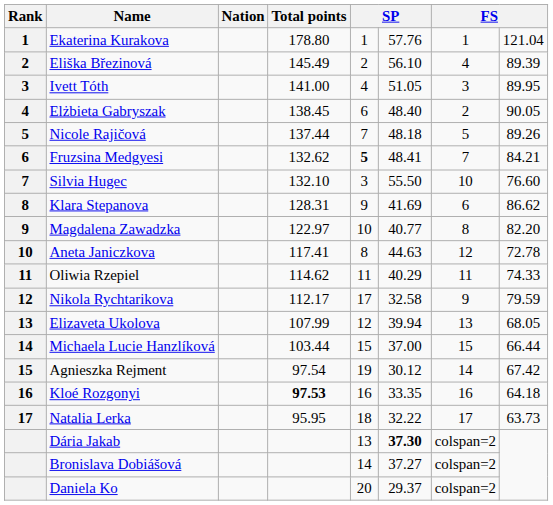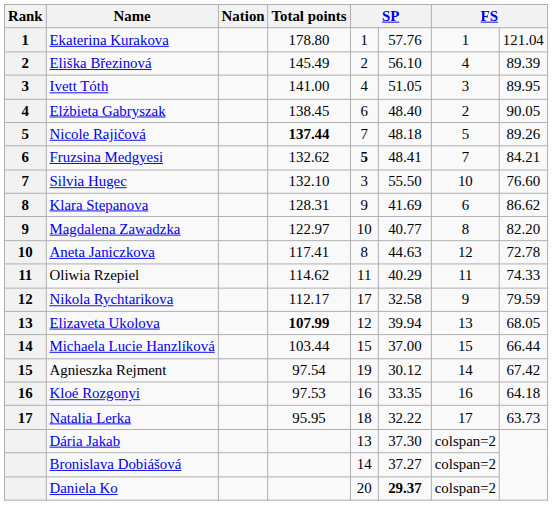 <table class="wikitable sortable">
 <tr>
 <th>Rank</th>
 <th>Name</th>
 <th>Nation</th>
 <th>Total points</th>
 <th colspan=2 width=80px><a href='#'>SP</a></th>
 <th colspan=2 width=80px><a href='#'>FS</a></th>
 </tr>
 <tr>
 <th>1</th>
 <td><a href='#'>Ekaterina Kurakova</a></td>
 <td></td>
 <td align=center>178.80</td>
 <td align=center>1</td>
 <td align=center>57.76</td>
 <td align=center>1</td>
 <td align=center>121.04</td>
 </tr>
 <tr>
 <th>2</th>
 <td><a href='#'>Eliška Březinová</a></td>
 <td></td>
 <td align=center>145.49</td>
 <td align=center>2</td>
 <td align=center>56.10</td>
 <td align=center>4</td>
 <td align=center>89.39</td>
 </tr>
 <tr>
 <th>3</th>
 <td><a href='#'>Ivett Tóth</a></td>
 <td></td>
 <td align=center>141.00</td>
 <td align=center>4</td>
 <td align=center>51.05</td>
 <td align=center>3</td>
 <td align=center>89.95</td>
 </tr>
 <tr>
 <th>4</th>
 <td><a href='#'>Elżbieta Gabryszak</a></td>
 <td></td>
 <td align=center>138.45</td>
 <td align=center>6</td>
 <td align=center>48.40</td>
 <td align=center>2</td>
 <td align=center>90.05</td>
 </tr>
 <tr>
 <th>5</th>
 <td><a href='#'>Nicole Rajičová</a></td>
 <td></td>
-<td align=center>137.44</td>
+<td align=center><strong>137.44</strong></td>
 <td align=center>7</td>
 <td align=center>48.18</td>
 <td align=center>5</td>
 <td align=center>89.26</td>
 </tr>
 <tr>
 <th>6</th>
 <td><a href='#'>Fruzsina Medgyesi</a></td>
 <td></td>
 <td align=center>132.62</td>
 <td align=center><strong>5</strong></td>
 <td align=center>48.41</td>
 <td align=center>7</td>
 <td align=center>84.21</td>
 </tr>
 <tr>
 <th>7</th>
 <td><a href='#'>Silvia Hugec</a></td>
 <td></td>
 <td align=center>132.10</td>
 <td align=center>3</td>
 <td align=center>55.50</td>
 <td align=center>10</td>
 <td align=center>76.60</td>
 </tr>
 <tr>
 <th>8</th>
 <td><a href='#'>Klara Stepanova</a></td>
 <td></td>
 <td align=center>128.31</td>
 <td align=center>9</td>
 <td align=center>41.69</td>
 <td align=center>6</td>
 <td align=center>86.62</td>
 </tr>
 <tr>
 <th>9</th>
 <td><a href='#'>Magdalena Zawadzka</a></td>
 <td></td>
 <td align=center>122.97</td>
 <td align=center>10</td>
 <td align=center>40.77</td>
 <td align=center>8</td>
 <td align=center>82.20</td>
 </tr>
 <tr>
 <th>10</th>
 <td><a href='#'>Aneta Janiczkova</a></td>
 <td></td>
 <td align=center>117.41</td>
 <td align=center>8</td>
 <td align=center>44.63</td>
 <td align=center>12</td>
 <td align=center>72.78</td>
 </tr>
 <tr>
 <th>11</th>
 <td>Oliwia Rzepiel</td>
 <td></td>
 <td align=center>114.62</td>
 <td align=center>11</td>
 <td align=center>40.29</td>
 <td align=center>11</td>
 <td align=center>74.33</td>
 </tr>
 <tr>
 <th>12</th>
 <td><a href='#'>Nikola Rychtarikova</a></td>
 <td></td>
 <td align=center>112.17</td>
 <td align=center>17</td>
 <td align=center>32.58</td>
 <td align=center>9</td>
 <td align=center>79.59</td>
 </tr>
 <tr>
 <th>13</th>
 <td><a href='#'>Elizaveta Ukolova</a></td>
 <td></td>
-<td align=center>107.99</td>
+<td align=center><strong>107.99</strong></td>
 <td align=center>12</td>
 <td align=center>39.94</td>
 <td align=center>13</td>
 <td align=center>68.05</td>
 </tr>
 <tr>
 <th>14</th>
 <td><a href='#'>Michaela Lucie Hanzlíková</a></td>
 <td></td>
 <td align=center>103.44</td>
 <td align=center>15</td>
 <td align=center>37.00</td>
 <td align=center>15</td>
 <td align=center>66.44</td>
 </tr>
 <tr>
 <th>15</th>
 <td>Agnieszka Rejment</td>
 <td></td>
 <td align=center>97.54</td>
 <td align=center>19</td>
 <td align=center>30.12</td>
 <td align=center>14</td>
 <td align=center>67.42</td>
 </tr>
 <tr>
 <th>16</th>
 <td><a href='#'>Kloé Rozgonyi</a></td>
 <td></td>
-<td align=center><strong>97.53</strong></td>
+<td align=center>97.53</td>
 <td align=center>16</td>
 <td align=center>33.35</td>
 <td align=center>16</td>
 <td align=center>64.18</td>
 </tr>
 <tr>
 <th>17</th>
 <td><a href='#'>Natalia Lerka</a></td>
 <td></td>
 <td align=center>95.95</td>
 <td align=center>18</td>
 <td align=center>32.22</td>
 <td align=center>17</td>
 <td align=center>63.73</td>
 </tr>
 <tr>
 <th></th>
 <td><a href='#'>Dária Jakab</a></td>
 <td></td>
 <td></td>
 <td align="center">13</td>
-<td align="center"><strong>37.30</strong></td>
+<td align="center">37.30</td>
 <td>colspan=2 </td>
 </tr>
 <tr>
 <th></th>
 <td><a href='#'>Bronislava Dobiášová</a></td>
 <td></td>
 <td></td>
 <td align="center">14</td>
 <td align="center">37.27</td>
 <td>colspan=2 </td>
 </tr>
 <tr>
 <th></th>
 <td><a href='#'>Daniela Ko</a></td>
 <td></td>
 <td></td>
 <td align="center">20</td>
-<td align="center">29.37</td>
+<td align="center"><strong>29.37</strong></td>
 <td>colspan=2 </td>
 </tr>
 </table>
